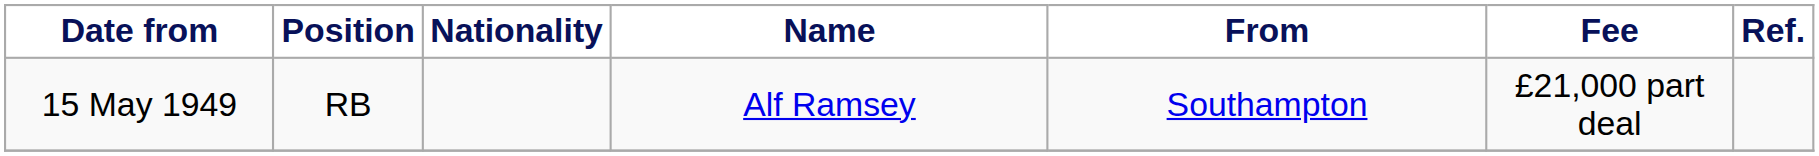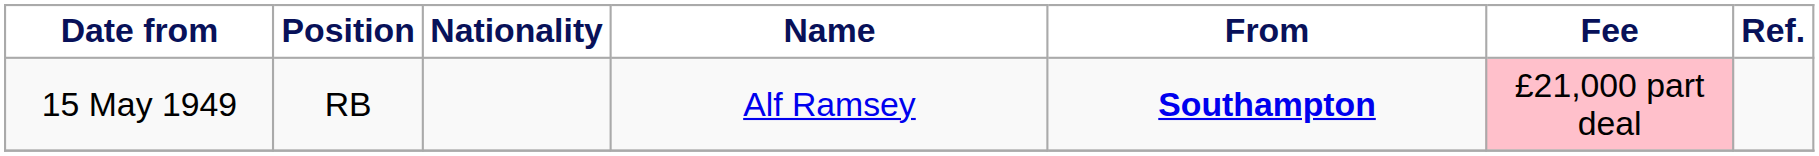 <table class="wikitable" style="text-align:center">
 <tr>
 <th style="background:#FFFFFF; color:#081159; width:120px;">Date from</th>
 <th style="background:#FFFFFF; color:#081159; width:50px;">Position</th>
 <th style="background:#FFFFFF; color:#081159; width:50px;">Nationality</th>
 <th style="background:#FFFFFF; color:#081159; width:200px;">Name</th>
 <th style="background:#FFFFFF; color:#081159; width:200px;">From</th>
 <th style="background:#FFFFFF; color:#081159; width:110px;">Fee</th>
 <th style="background:#FFFFFF; color:#081159; width:30px;">Ref.</th>
 </tr>
 <tr>
 <td>15 May 1949</td>
 <td>RB</td>
 <td></td>
 <td><a href='#'>Alf Ramsey</a></td>
-<td><a href='#'>Southampton</a></td>
-<td>£21,000 part deal</td>
+<td><strong><a href='#'>Southampton</a></strong></td>
+<td style="background: pink;">£21,000 part deal</td>
 <td></td>
 </tr>
 <tr>
 </tr>
 </table>
